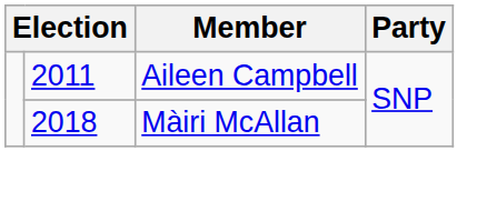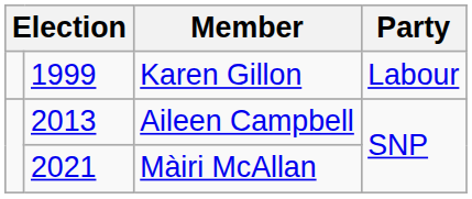 <table class="wikitable">
 <tr>
 <th colspan="2">Election</th>
 <th>Member</th>
 <th>Party</th>
 </tr>
 <tr>
+<td style="background-color: "></td>
+<td><a href='#'>1999</a></td>
+<td><a href='#'>Karen Gillon</a></td>
+<td><a href='#'>Labour</a></td>
+</tr>
+<tr>
 <td rowspan=2 style="background-color: "></td>
-<td><a href='#'>2011</a></td>
+<td><a href='#'>2013</a></td>
 <td><a href='#'>Aileen Campbell</a></td>
 <td rowspan=2><a href='#'>SNP</a></td>
 </tr>
 <tr>
-<td><a href='#'>2018</a></td>
+<td><a href='#'>2021</a></td>
 <td><a href='#'>Màiri McAllan</a></td>
 </tr>
 </table>
